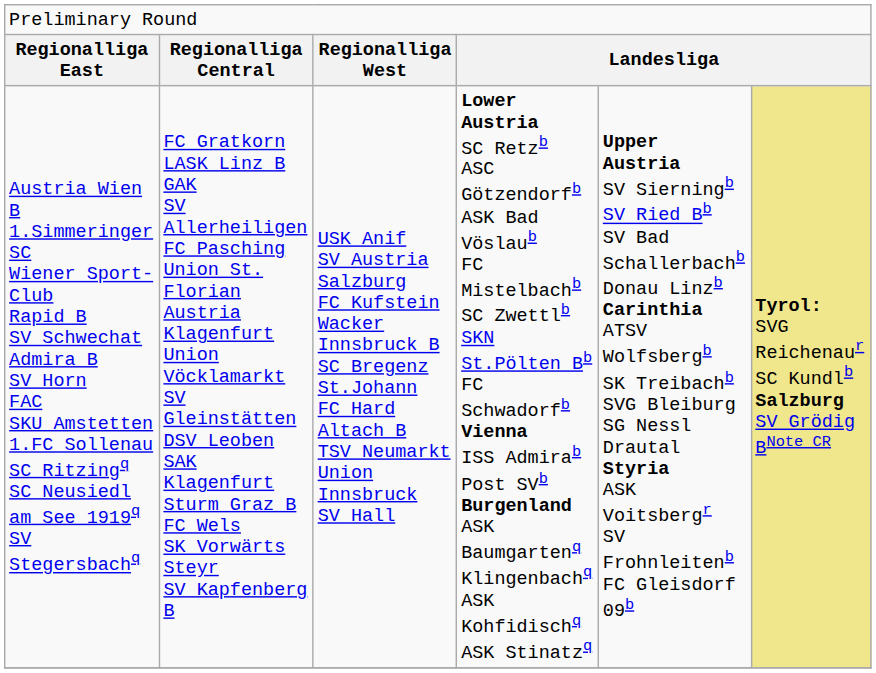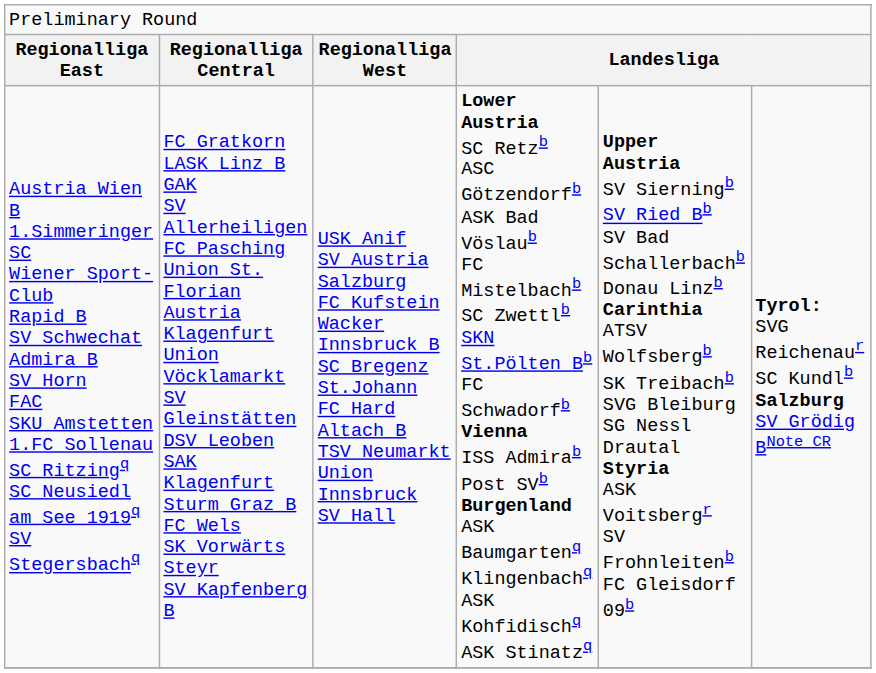 <table class="wikitable">
 <tr>
 <td colspan="6">Preliminary Round</td>
 </tr>
 <tr>
 <th>Regionalliga East</th>
 <th>Regionalliga Central</th>
 <th>Regionalliga West</th>
 <th colspan="3">Landesliga</th>
 </tr>
 <tr>
 <td width="150"><a href='#'>Austria Wien B</a><br><a href='#'>1.Simmeringer SC</a><br><a href='#'>Wiener Sport-Club</a><br><a href='#'>Rapid B</a><br><a href='#'>SV Schwechat</a><br><a href='#'>Admira B</a><br><a href='#'>SV Horn</a><br><a href='#'>FAC</a><br><a href='#'>SKU Amstetten</a><br><a href='#'>1.FC Sollenau</a><br><a href='#'>SC Ritzing</a><sup><a href='#'>q</a></sup><br><a href='#'>SC Neusiedl am See 1919</a><sup><a href='#'>q</a></sup><br><a href='#'>SV Stegersbach</a><sup><a href='#'>q</a></sup></td>
 <td width="150"><a href='#'>FC Gratkorn</a><br><a href='#'>LASK Linz B</a><br><a href='#'>GAK</a><br><a href='#'>SV Allerheiligen</a><br><a href='#'>FC Pasching</a><br><a href='#'>Union St. Florian</a><br><a href='#'>Austria Klagenfurt</a><br><a href='#'>Union Vöcklamarkt</a><br><a href='#'>SV Gleinstätten</a><br><a href='#'>DSV Leoben</a><br><a href='#'>SAK Klagenfurt</a><br><a href='#'>Sturm Graz B</a><br><a href='#'>FC Wels</a><br><a href='#'>SK Vorwärts Steyr</a><br><a href='#'>SV Kapfenberg B</a></td>
 <td width="150"><a href='#'>USK Anif</a><br><a href='#'>SV Austria Salzburg</a><br><a href='#'>FC Kufstein</a><br><a href='#'>Wacker Innsbruck B</a><br><a href='#'>SC Bregenz</a><br><a href='#'>St.Johann</a><br><a href='#'>FC Hard</a><br><a href='#'>Altach B</a><br><a href='#'>TSV Neumarkt</a><br><a href='#'>Union Innsbruck</a><br><a href='#'>SV Hall</a></td>
 <td width="150"><strong>Lower Austria</strong><br>SC Retz<sup><a href='#'>b</a></sup><br>ASC Götzendorf<sup><a href='#'>b</a></sup><br>ASK Bad Vöslau<sup><a href='#'>b</a></sup><br>FC Mistelbach<sup><a href='#'>b</a></sup><br>SC Zwettl<sup><a href='#'>b</a></sup><br><a href='#'>SKN St.Pölten B</a><sup><a href='#'>b</a></sup><br>FC Schwadorf<sup><a href='#'>b</a></sup><br><strong>Vienna</strong><br>ISS Admira<sup><a href='#'>b</a></sup><br>Post SV<sup><a href='#'>b</a></sup><br><strong>Burgenland</strong><br>ASK Baumgarten<sup><a href='#'>q</a></sup><br>Klingenbach<sup><a href='#'>q</a></sup><br>ASK Kohfidisch<sup><a href='#'>q</a></sup><br>ASK Stinatz<sup><a href='#'>q</a></sup></td>
 <td width="150"><strong>Upper Austria</strong><br>SV Sierning<sup><a href='#'>b</a></sup><br><a href='#'>SV Ried B</a><sup><a href='#'>b</a></sup><br>SV Bad Schallerbach<sup><a href='#'>b</a></sup><br>Donau Linz<sup><a href='#'>b</a></sup><br><strong>Carinthia</strong><br>ATSV Wolfsberg<sup><a href='#'>b</a></sup><br>SK Treibach<sup><a href='#'>b</a></sup><br>SVG Bleiburg<br>SG Nessl Drautal<br><strong>Styria</strong><br>ASK Voitsberg<sup><a href='#'>r</a></sup><br>SV Frohnleiten<sup><a href='#'>b</a></sup><br>FC Gleisdorf 09<sup><a href='#'>b</a></sup></td>
-<td width="150" style="background: khaki;"><strong>Tyrol:</strong><br>SVG Reichenau<sup><a href='#'>r</a></sup><br>SC Kundl<sup><a href='#'>b</a></sup><br><strong>Salzburg</strong><br><a href='#'>SV Grödig B</a><sup><a href='#'>Note CR</a></sup></td>
+<td width="150"><strong>Tyrol:</strong><br>SVG Reichenau<sup><a href='#'>r</a></sup><br>SC Kundl<sup><a href='#'>b</a></sup><br><strong>Salzburg</strong><br><a href='#'>SV Grödig B</a><sup><a href='#'>Note CR</a></sup></td>
 </tr>
 <tr>
 </tr>
 </table>
